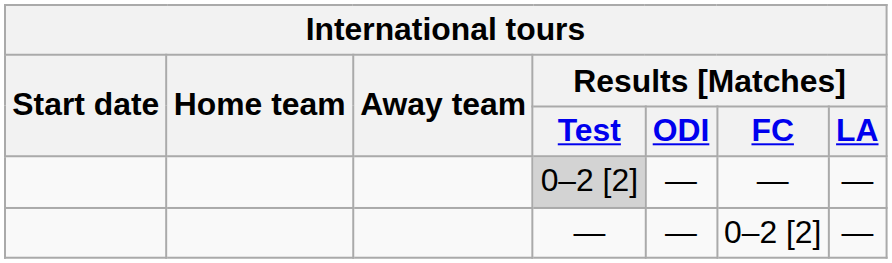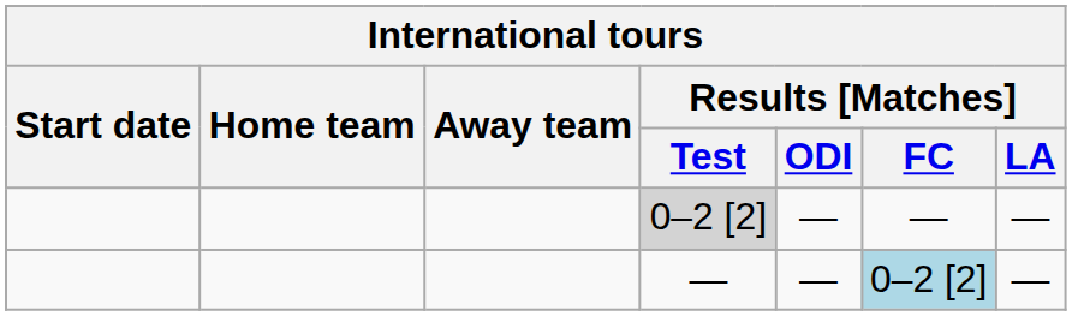 <table class="wikitable">
 <tr>
 <th colspan="7">International tours</th>
 </tr>
 <tr>
 <th rowspan="2">Start date</th>
 <th rowspan="2">Home team</th>
 <th rowspan="2">Away team</th>
 <th colspan="4">Results [Matches]</th>
 </tr>
 <tr>
 <th><a href='#'>Test</a></th>
 <th><a href='#'>ODI</a></th>
 <th><a href='#'>FC</a></th>
 <th><a href='#'>LA</a></th>
 </tr>
 <tr>
 <td><a href='#'></a></td>
 <td></td>
 <td></td>
 <td style="background: lightgrey;">0–2 [2]</td>
 <td ; style="text-align:center">—</td>
 <td ; style="text-align:center">—</td>
 <td ; style="text-align:center">—</td>
 </tr>
 <tr>
 <td><a href='#'></a></td>
 <td></td>
 <td></td>
 <td ; style="text-align:center">—</td>
 <td ; style="text-align:center">—</td>
-<td>0–2 [2]</td>
+<td style="background: lightblue;">0–2 [2]</td>
 <td ; style="text-align:center">—</td>
 </tr>
 </table>
